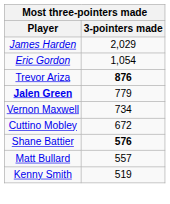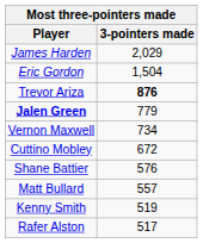 <table class="wikitable sortable" style="text-align:center">
 <tr>
 <th colspan="2" style="text-align:center; ">Most three-pointers made</th>
 </tr>
 <tr>
 <th style="text-align:center; ">Player</th>
 <th style="text-align:center; ">3-pointers made</th>
 </tr>
 <tr>
 <td><em><a href='#'>James Harden</a></em></td>
 <td>2,029</td>
 </tr>
 <tr>
 <td><em><a href='#'>Eric Gordon</a></em></td>
-<td>1,054</td>
+<td>1,504</td>
 </tr>
 <tr>
 <td><a href='#'>Trevor Ariza</a></td>
 <td><strong>876</strong></td>
 </tr>
 <tr>
 <td><strong><a href='#'>Jalen Green</a></strong></td>
 <td>779</td>
 </tr>
 <tr>
 <td><a href='#'>Vernon Maxwell</a></td>
 <td>734</td>
 </tr>
 <tr>
 <td><a href='#'>Cuttino Mobley</a></td>
 <td>672</td>
 </tr>
 <tr>
 <td><a href='#'>Shane Battier</a></td>
-<td><strong>576</strong></td>
+<td>576</td>
 </tr>
 <tr>
 <td><a href='#'>Matt Bullard</a></td>
 <td>557</td>
 </tr>
 <tr>
 <td><a href='#'>Kenny Smith</a></td>
 <td>519</td>
 </tr>
+<tr>
+<td><a href='#'>Rafer Alston</a></td>
+<td>517</td>
+</tr>
 </table>
